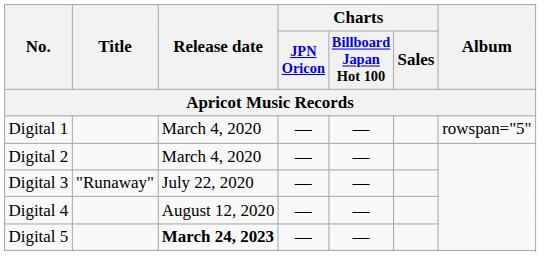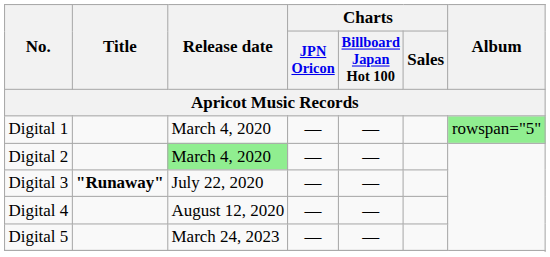 <table class="wikitable">
 <tr>
 <th rowspan="2">No.</th>
 <th rowspan="2">Title</th>
 <th rowspan="2">Release date</th>
 <th colspan="3">Charts</th>
 <th rowspan="2">Album</th>
 </tr>
 <tr>
 <th style="width:3em;font-size:85%;"><a href='#'>JPN<br>Oricon</a><br></th>
 <th style="width:3em;font-size:85%;"><a href='#'>Billboard<br>Japan</a><br>Hot 100</th>
 <th>Sales</th>
 </tr>
 <tr>
 <th colspan="7">Apricot Music Records</th>
 </tr>
 <tr>
 <td style="text-align:center;">Digital 1</td>
 <td></td>
 <td> March 4, 2020</td>
 <td style="text-align:center;">—</td>
 <td style="text-align:center;">—</td>
 <td></td>
-<td>rowspan="5" </td>
+<td style="background: lightgreen;">rowspan="5" </td>
 </tr>
 <tr>
 <td style="text-align:center;">Digital 2</td>
 <td></td>
-<td> March 4, 2020</td>
+<td style="background: lightgreen;"> March 4, 2020</td>
 <td style="text-align:center;">—</td>
 <td style="text-align:center;">—</td>
 <td></td>
 </tr>
 <tr>
 <td style="text-align:center;">Digital 3</td>
-<td>"Runaway"</td>
+<td><strong>"Runaway"</strong></td>
 <td> July 22, 2020</td>
 <td style="text-align:center;">—</td>
 <td style="text-align:center;">—</td>
 <td></td>
 </tr>
 <tr>
 <td style="text-align:center;">Digital 4</td>
 <td></td>
 <td> August 12, 2020</td>
 <td style="text-align:center;">—</td>
 <td style="text-align:center;">—</td>
 <td></td>
 </tr>
 <tr>
 <td style="text-align:center;">Digital 5</td>
 <td></td>
-<td><strong> March 24, 2023</strong></td>
+<td> March 24, 2023</td>
 <td style="text-align:center;">—</td>
 <td style="text-align:center;">—</td>
 <td></td>
 </tr>
 <tr>
 </tr>
 </table>
